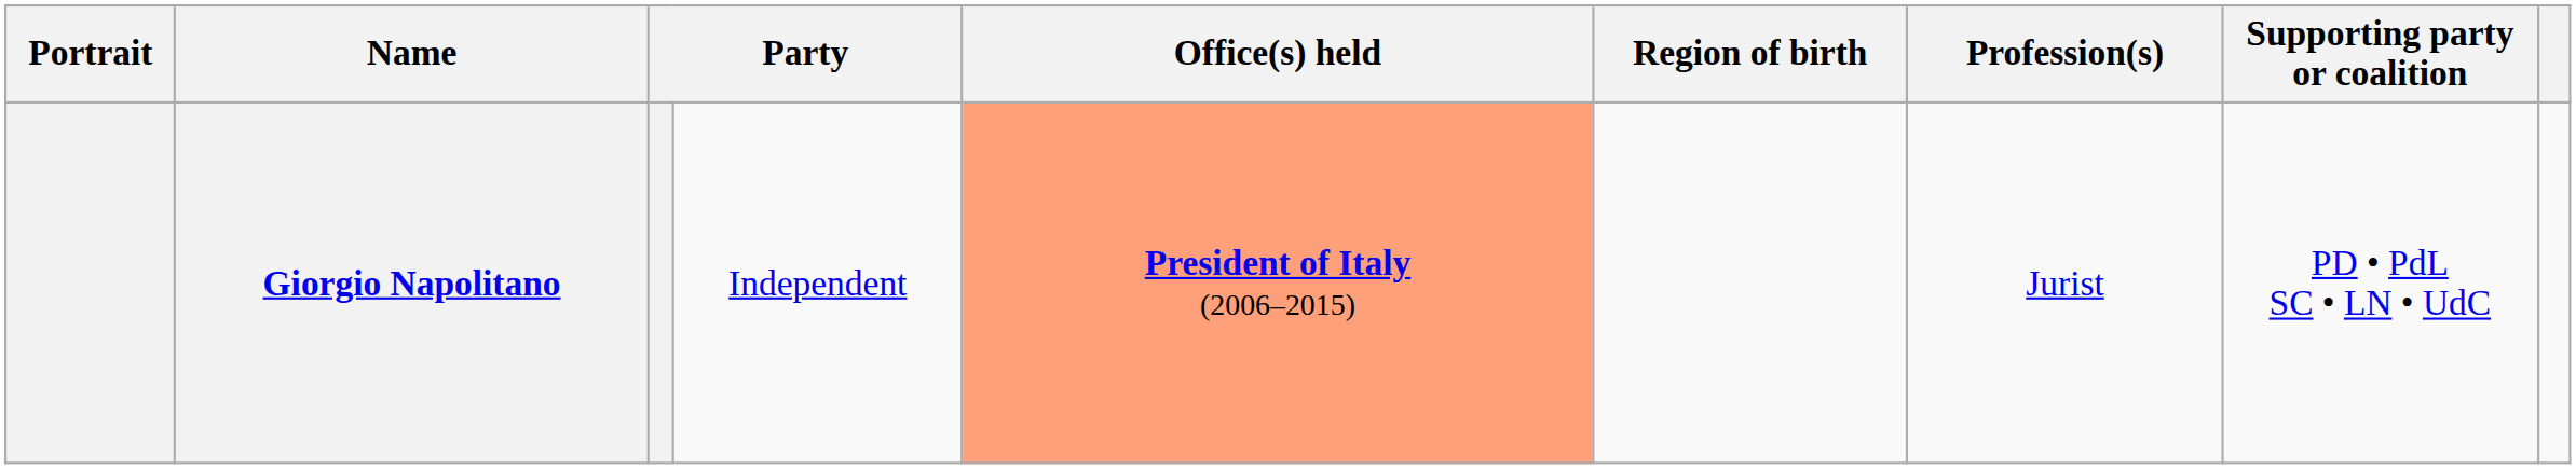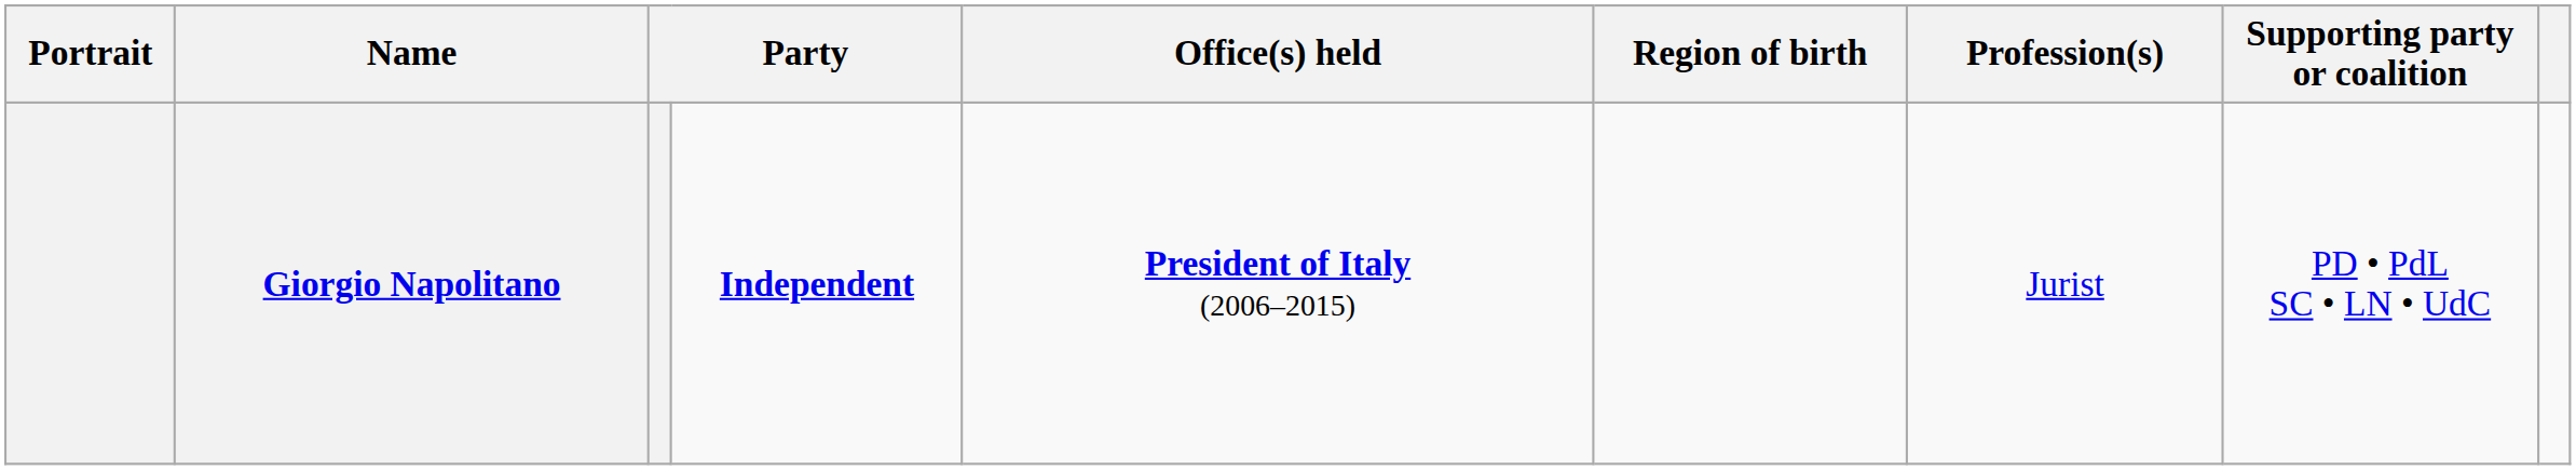 <table class="wikitable" style="text-align:center; style=" width="90%">
 <tr>
 <th width="5%">Portrait</th>
 <th width="15%">Name</th>
 <th colspan="2" width=10%>Party</th>
 <th width="20%">Office(s) held</th>
 <th width="10%">Region of birth</th>
 <th width="10%">Profession(s)</th>
 <th width="10%">Supporting party or coalition</th>
 <th width="1%"></th>
 </tr>
 <tr style="height:10em;">
 <th></th>
 <th style="font-weight:normal"><strong><a href='#'>Giorgio Napolitano</a></strong><br></th>
 <th style="background-color:"></th>
-<td><a href='#'>Independent</a></td>
-<td style="background: lightsalmon;"><strong><a href='#'>President of Italy</a></strong><br><small>(2006–2015)</small><br></td>
+<td><strong><a href='#'>Independent</a></strong></td>
+<td><strong><a href='#'>President of Italy</a></strong><br><small>(2006–2015)</small><br></td>
 <td></td>
 <td><a href='#'>Jurist</a></td>
 <td><a href='#'>PD</a> • <a href='#'>PdL</a> <br> <a href='#'>SC</a> • <a href='#'>LN</a> • <a href='#'>UdC</a></td>
 <td></td>
 </tr>
 </table>
